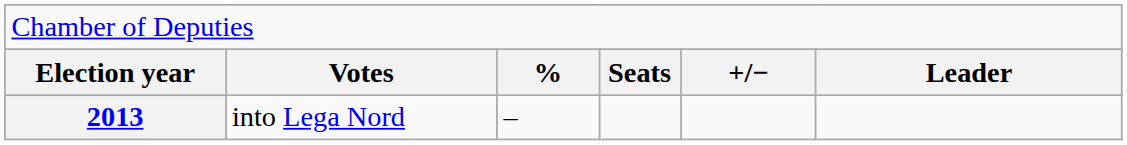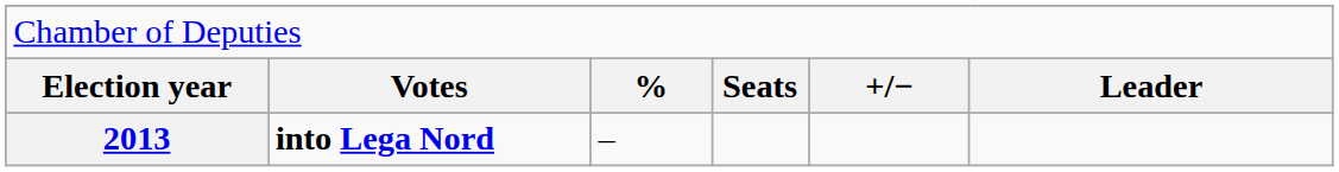 <table class=wikitable style="width:50%; border:1px #AAAAFF solid">
 <tr>
 <td colspan=6><a href='#'>Chamber of Deputies</a></td>
 </tr>
 <tr>
 <th width=13%>Election year</th>
 <th width=16%>Votes</th>
 <th width=6%>%</th>
 <th width=1%>Seats</th>
 <th width=8%>+/−</th>
 <th width=18%>Leader</th>
 </tr>
 <tr>
 <th><a href='#'>2013</a></th>
-<td>into <a href='#'>Lega Nord</a></td>
+<td><strong>into <a href='#'>Lega Nord</a></strong></td>
 <td>–</td>
 <td></td>
 <td></td>
 <td></td>
 </tr>
 </table>
